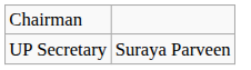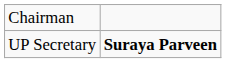 <table class="wikitable">
 <tr>
 <td>Chairman</td>
 <td></td>
 </tr>
 <tr>
 <td>UP Secretary</td>
-<td>Suraya Parveen</td>
+<td><strong>Suraya Parveen</strong></td>
 </tr>
 </table>
